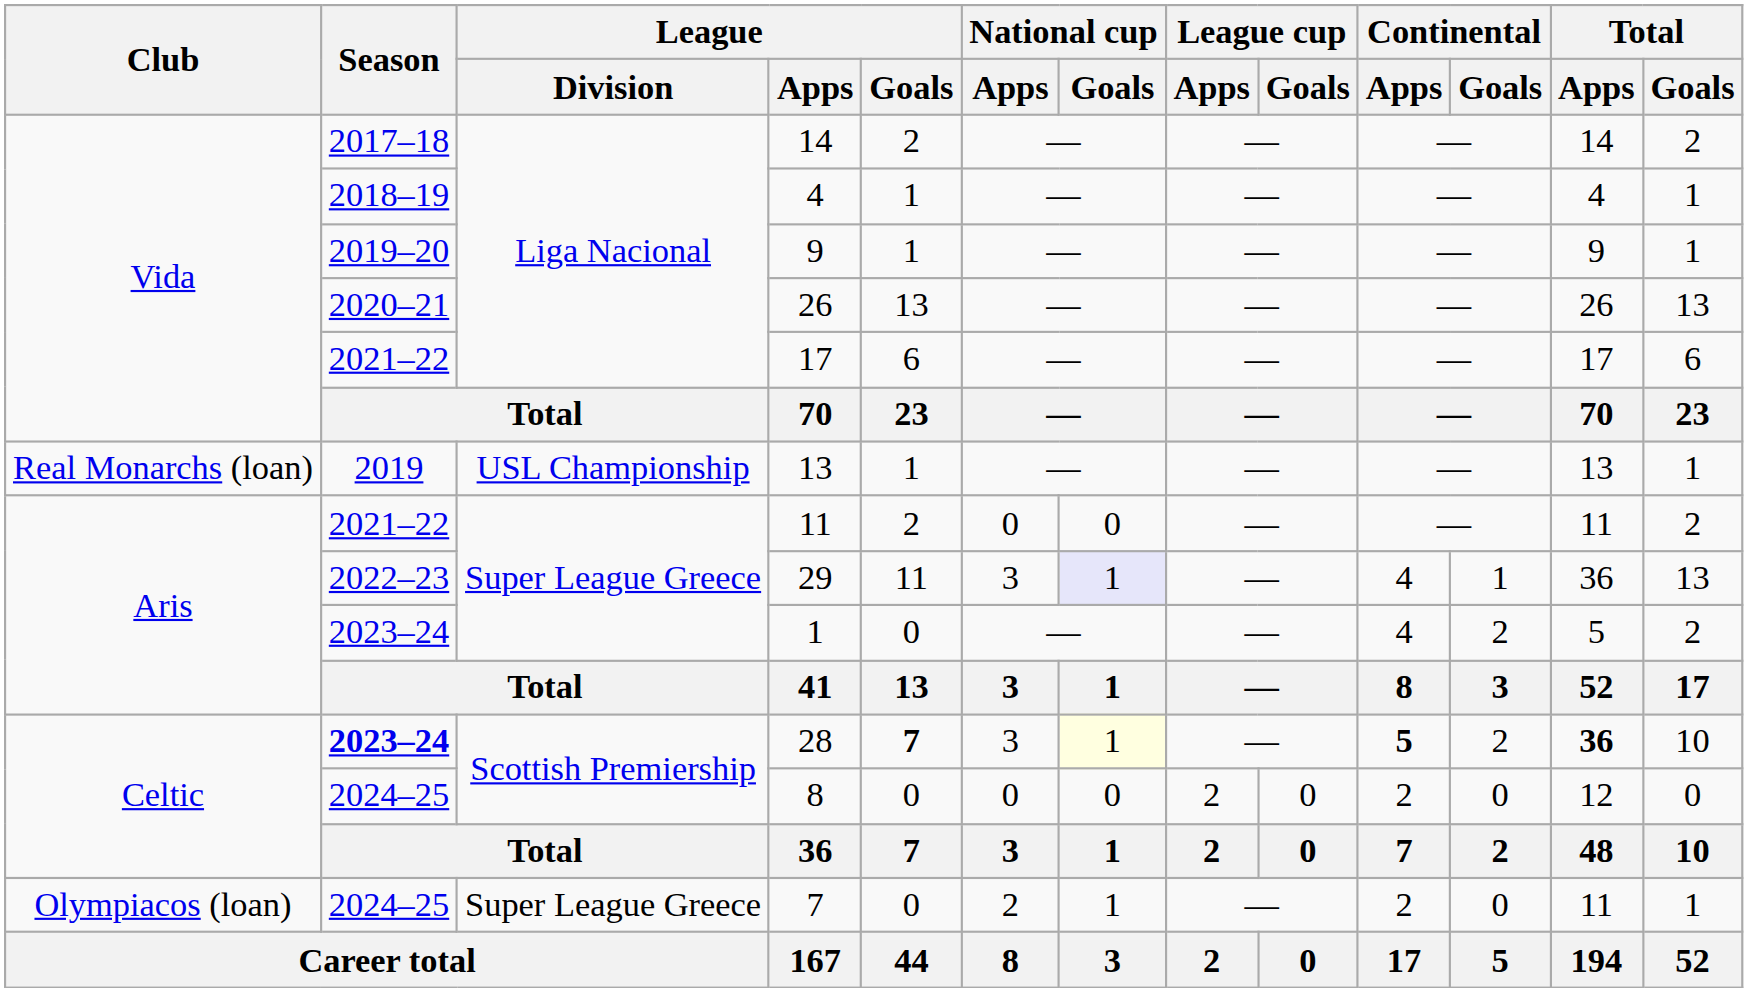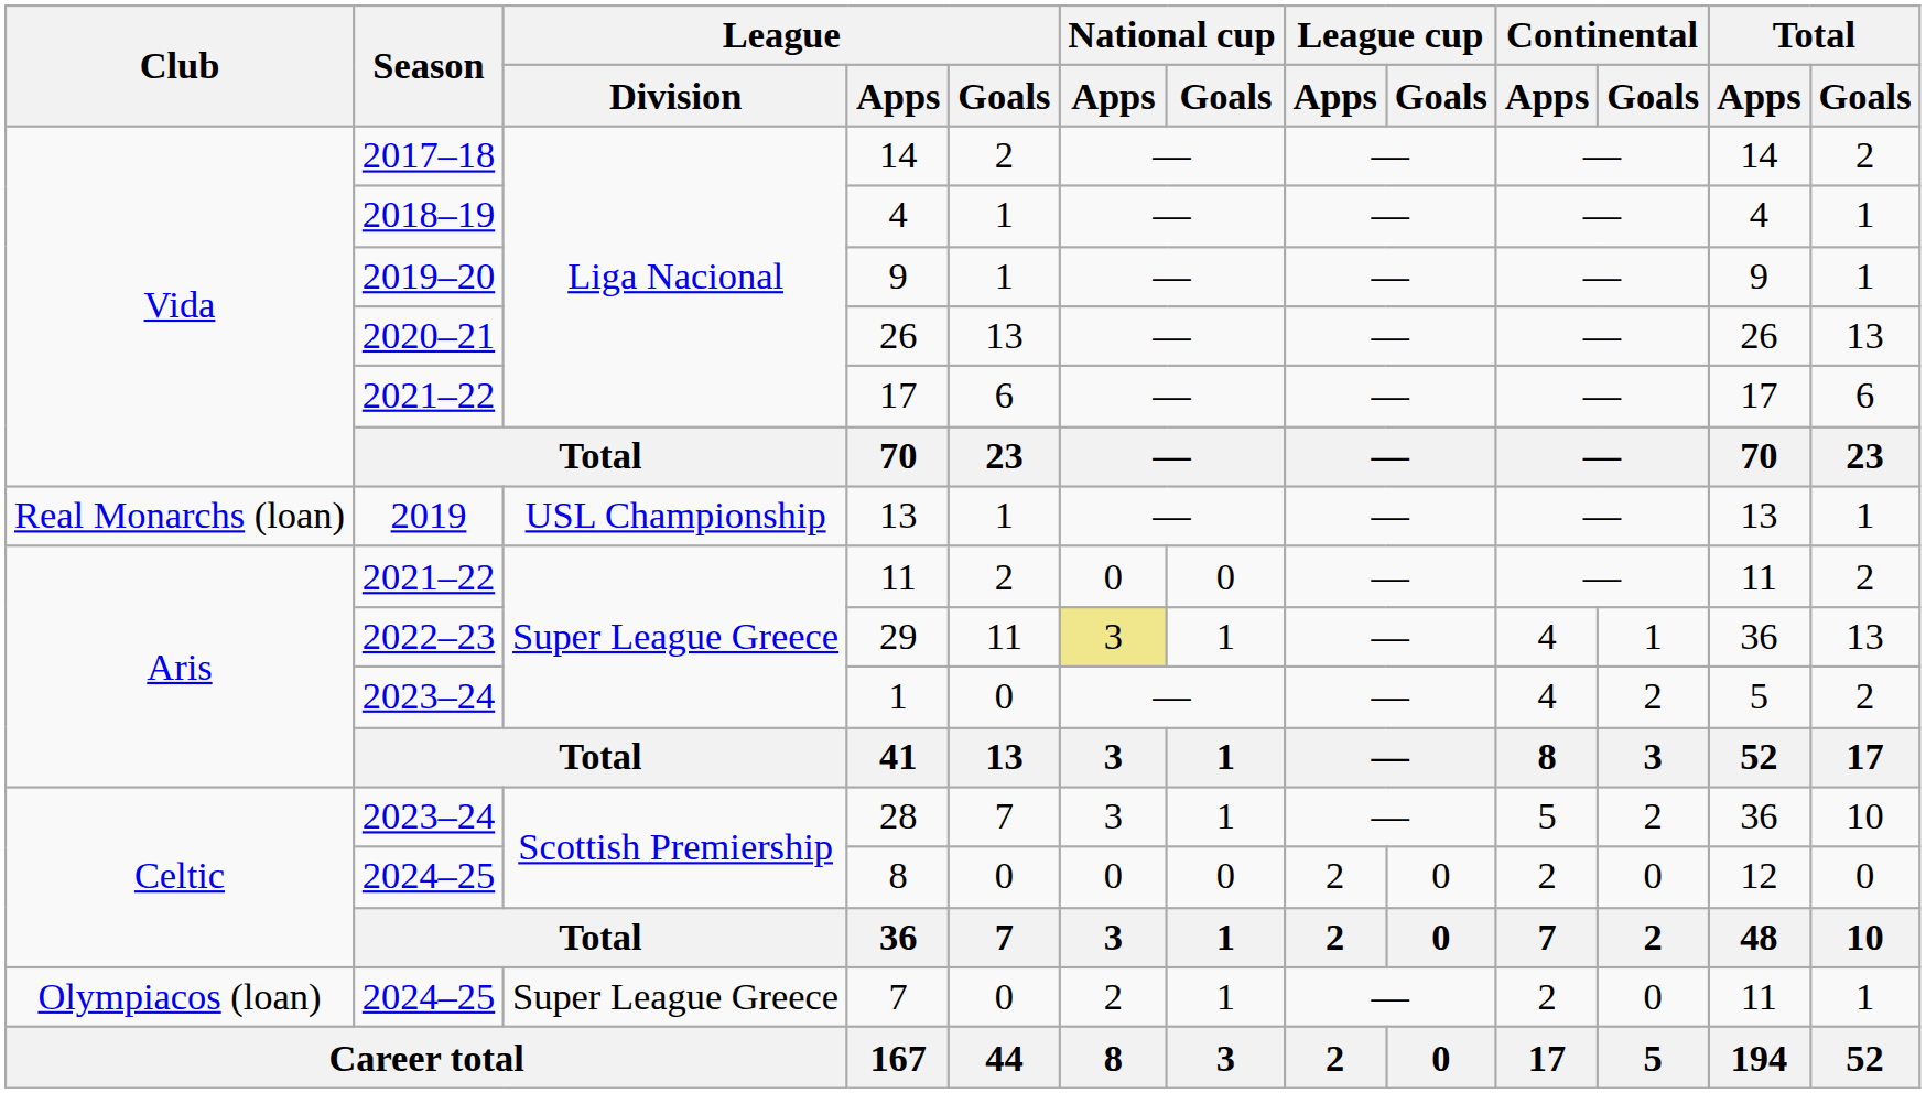 <table class="wikitable" style="text-align:center">
 <tr>
 <th rowspan="2">Club</th>
 <th rowspan="2">Season</th>
 <th colspan="3">League</th>
 <th colspan="2">National cup</th>
 <th colspan="2">League cup</th>
 <th colspan="2">Continental</th>
 <th colspan="2">Total</th>
 </tr>
 <tr>
 <th>Division</th>
 <th>Apps</th>
 <th>Goals</th>
 <th>Apps</th>
 <th>Goals</th>
 <th>Apps</th>
 <th>Goals</th>
 <th>Apps</th>
 <th>Goals</th>
 <th>Apps</th>
 <th>Goals</th>
 </tr>
 <tr>
 <td rowspan="6"><a href='#'>Vida</a></td>
 <td><a href='#'>2017–18</a></td>
 <td rowspan="5"><a href='#'>Liga Nacional</a></td>
 <td>14</td>
 <td>2</td>
 <td colspan="2">—</td>
 <td colspan="2">—</td>
 <td colspan="2">—</td>
 <td>14</td>
 <td>2</td>
 </tr>
 <tr>
 <td><a href='#'>2018–19</a></td>
 <td>4</td>
 <td>1</td>
 <td colspan="2">—</td>
 <td colspan="2">—</td>
 <td colspan="2">—</td>
 <td>4</td>
 <td>1</td>
 </tr>
 <tr>
 <td><a href='#'>2019–20</a></td>
 <td>9</td>
 <td>1</td>
 <td colspan="2">—</td>
 <td colspan="2">—</td>
 <td colspan="2">—</td>
 <td>9</td>
 <td>1</td>
 </tr>
 <tr>
 <td><a href='#'>2020–21</a></td>
 <td>26</td>
 <td>13</td>
 <td colspan="2">—</td>
 <td colspan="2">—</td>
 <td colspan="2">—</td>
 <td>26</td>
 <td>13</td>
 </tr>
 <tr>
 <td><a href='#'>2021–22</a></td>
 <td>17</td>
 <td>6</td>
 <td colspan="2">—</td>
 <td colspan="2">—</td>
 <td colspan="2">—</td>
 <td>17</td>
 <td>6</td>
 </tr>
 <tr>
 <th colspan="2">Total</th>
 <th>70</th>
 <th>23</th>
 <th colspan="2">—</th>
 <th colspan="2">—</th>
 <th colspan="2">—</th>
 <th>70</th>
 <th>23</th>
 </tr>
 <tr>
 <td><a href='#'>Real Monarchs</a> (loan)</td>
 <td><a href='#'>2019</a></td>
 <td><a href='#'>USL Championship</a></td>
 <td>13</td>
 <td>1</td>
 <td colspan="2">—</td>
 <td colspan="2">—</td>
 <td colspan="2">—</td>
 <td>13</td>
 <td>1</td>
 </tr>
 <tr>
 <td rowspan="4"><a href='#'>Aris</a></td>
 <td><a href='#'>2021–22</a></td>
 <td rowspan="3"><a href='#'>Super League Greece</a></td>
 <td>11</td>
 <td>2</td>
 <td>0</td>
 <td>0</td>
 <td colspan="2">—</td>
 <td colspan="2">—</td>
 <td>11</td>
 <td>2</td>
 </tr>
 <tr>
 <td><a href='#'>2022–23</a></td>
 <td>29</td>
 <td>11</td>
-<td>3</td>
-<td style="background: lavender;">1</td>
+<td style="background: khaki;">3</td>
+<td>1</td>
 <td colspan="2">—</td>
 <td>4</td>
 <td>1</td>
 <td>36</td>
 <td>13</td>
 </tr>
 <tr>
 <td><a href='#'>2023–24</a></td>
 <td>1</td>
 <td>0</td>
 <td colspan="2">—</td>
 <td colspan="2">—</td>
 <td>4</td>
 <td>2</td>
 <td>5</td>
 <td>2</td>
 </tr>
 <tr>
 <th colspan="2">Total</th>
 <th>41</th>
 <th>13</th>
 <th>3</th>
 <th>1</th>
 <th colspan="2">—</th>
 <th>8</th>
 <th>3</th>
 <th>52</th>
 <th>17</th>
 </tr>
 <tr>
 <td rowspan="3"><a href='#'>Celtic</a></td>
-<td><strong><a href='#'>2023–24</a></strong></td>
+<td><a href='#'>2023–24</a></td>
 <td rowspan="2"><a href='#'>Scottish Premiership</a></td>
 <td>28</td>
-<td><strong>7</strong></td>
+<td>7</td>
 <td>3</td>
-<td style="background: lightyellow;">1</td>
+<td>1</td>
 <td colspan="2">—</td>
-<td><strong>5</strong></td>
+<td>5</td>
 <td>2</td>
-<td><strong>36</strong></td>
+<td>36</td>
 <td>10</td>
 </tr>
 <tr>
 <td><a href='#'>2024–25</a></td>
 <td>8</td>
 <td>0</td>
 <td>0</td>
 <td>0</td>
 <td>2</td>
 <td>0</td>
 <td>2</td>
 <td>0</td>
 <td>12</td>
 <td>0</td>
 </tr>
 <tr>
 <th colspan="2">Total</th>
 <th>36</th>
 <th>7</th>
 <th>3</th>
 <th>1</th>
 <th>2</th>
 <th>0</th>
 <th>7</th>
 <th>2</th>
 <th>48</th>
 <th>10</th>
 </tr>
 <tr>
 <td><a href='#'>Olympiacos</a> (loan)</td>
 <td><a href='#'>2024–25</a></td>
 <td>Super League Greece</td>
 <td>7</td>
 <td>0</td>
 <td>2</td>
 <td>1</td>
 <td colspan="2">—</td>
 <td>2</td>
 <td>0</td>
 <td>11</td>
 <td>1</td>
 </tr>
 <tr>
 <th colspan="3">Career total</th>
 <th>167</th>
 <th>44</th>
 <th>8</th>
 <th>3</th>
 <th>2</th>
 <th>0</th>
 <th>17</th>
 <th>5</th>
 <th>194</th>
 <th>52</th>
 </tr>
 </table>
